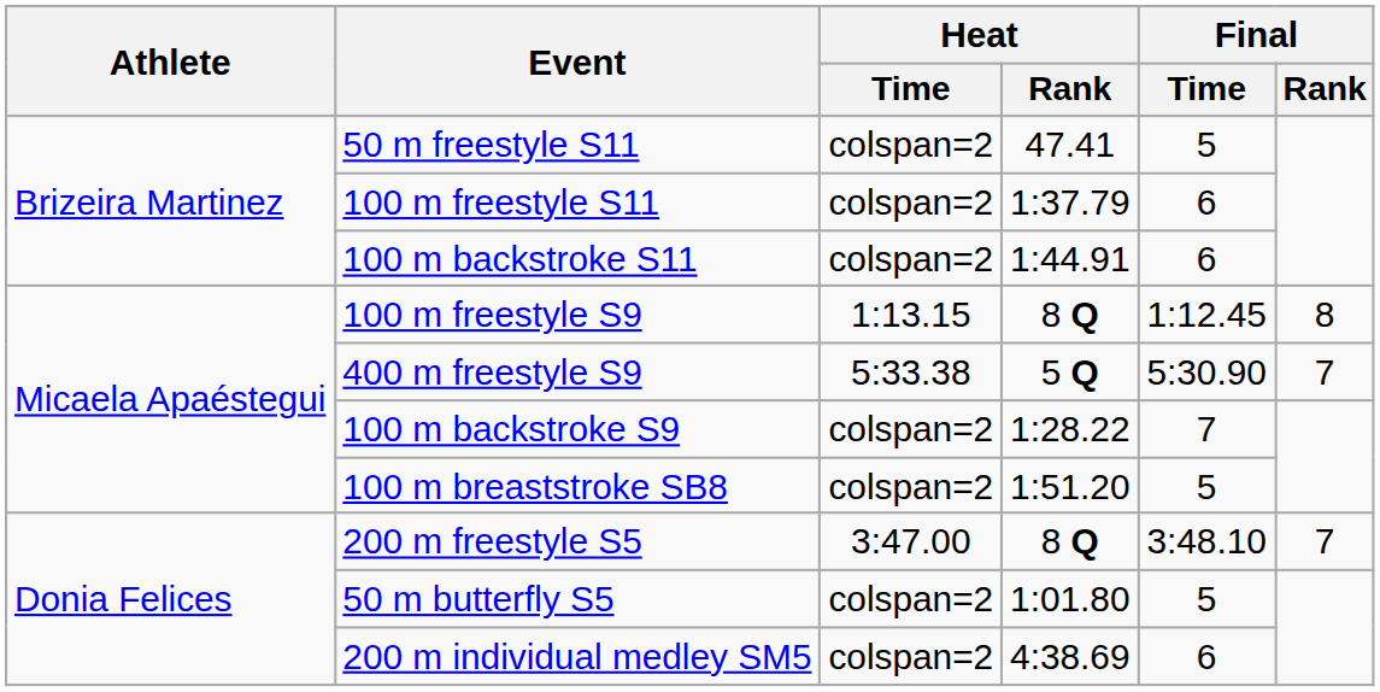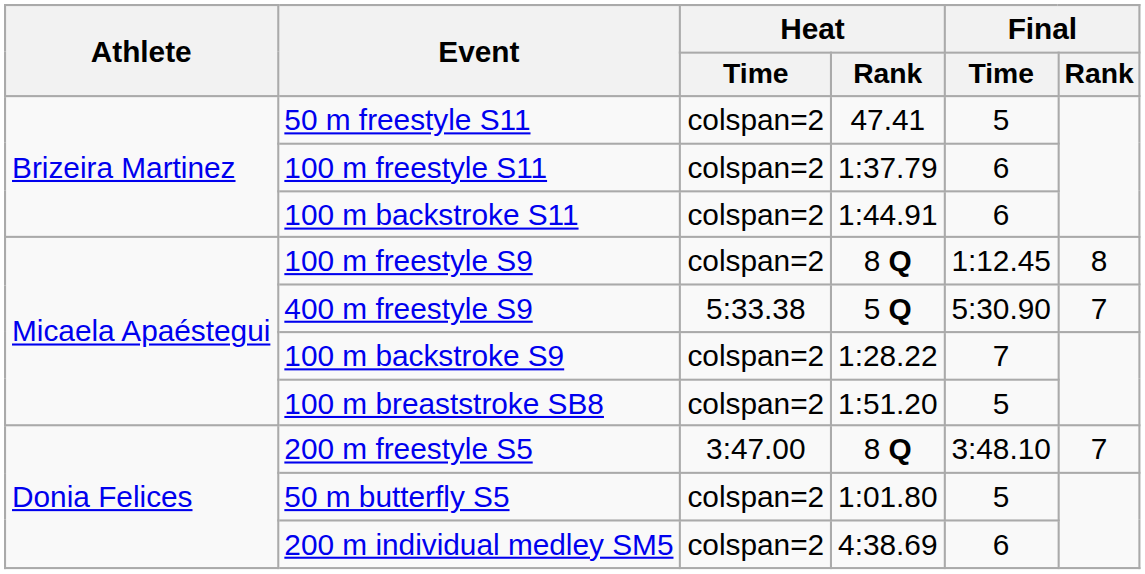 <table class=wikitable style=font-size:90%;text-align:center>
 <tr>
 <th rowspan=2>Athlete</th>
 <th rowspan=2>Event</th>
 <th colspan=2>Heat</th>
 <th colspan=2>Final</th>
 </tr>
 <tr style=font-size:95%>
 <th>Time</th>
 <th>Rank</th>
 <th>Time</th>
 <th>Rank</th>
 </tr>
 <tr align=center>
 <td align=left rowspan=3><a href='#'>Brizeira Martinez</a></td>
 <td align=left><a href='#'>50 m freestyle S11</a></td>
 <td>colspan=2 </td>
 <td>47.41</td>
 <td>5</td>
 </tr>
 <tr align=center>
 <td align=left><a href='#'>100 m freestyle S11</a></td>
 <td>colspan=2 </td>
 <td>1:37.79</td>
 <td>6</td>
 </tr>
 <tr align=center>
 <td align=left><a href='#'>100 m backstroke S11</a></td>
 <td>colspan=2 </td>
 <td>1:44.91</td>
 <td>6</td>
 </tr>
 <tr align=center>
 <td align=left rowspan=4><a href='#'>Micaela Apaéstegui</a></td>
 <td align=left><a href='#'>100 m freestyle S9</a></td>
-<td>1:13.15</td>
+<td>colspan=2 </td>
 <td>8 <strong>Q</strong></td>
 <td>1:12.45</td>
 <td>8</td>
 </tr>
 <tr align=center>
 <td align=left><a href='#'>400 m freestyle S9</a></td>
 <td>5:33.38</td>
 <td>5 <strong>Q</strong></td>
 <td>5:30.90</td>
 <td>7</td>
 </tr>
 <tr align=center>
 <td align=left><a href='#'>100 m backstroke S9</a></td>
 <td>colspan=2 </td>
 <td>1:28.22</td>
 <td>7</td>
 </tr>
 <tr align=center>
 <td align=left><a href='#'>100 m breaststroke SB8</a></td>
 <td>colspan=2 </td>
 <td>1:51.20</td>
 <td>5</td>
 </tr>
 <tr align=center>
 <td align=left rowspan=3><a href='#'>Donia Felices</a></td>
 <td align=left><a href='#'>200 m freestyle S5</a></td>
 <td>3:47.00</td>
 <td>8 <strong>Q</strong></td>
 <td>3:48.10</td>
 <td>7</td>
 </tr>
 <tr align=center>
 <td align=left><a href='#'>50 m butterfly S5</a></td>
 <td>colspan=2 </td>
 <td>1:01.80</td>
 <td>5</td>
 </tr>
 <tr align=center>
 <td align=left><a href='#'>200 m individual medley SM5</a></td>
 <td>colspan=2 </td>
 <td>4:38.69</td>
 <td>6</td>
 </tr>
 </table>
